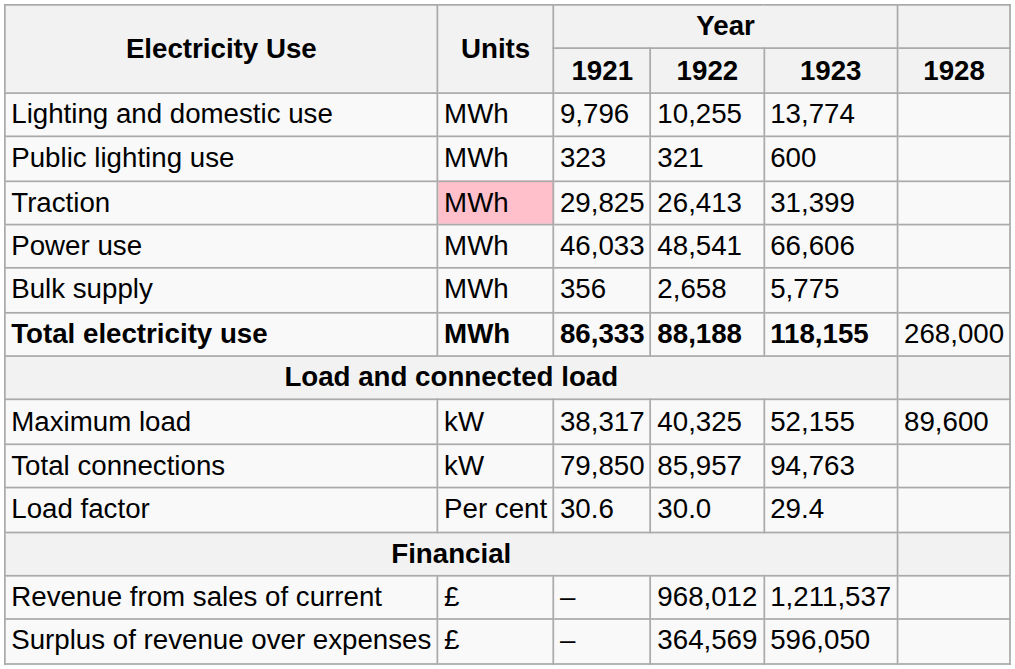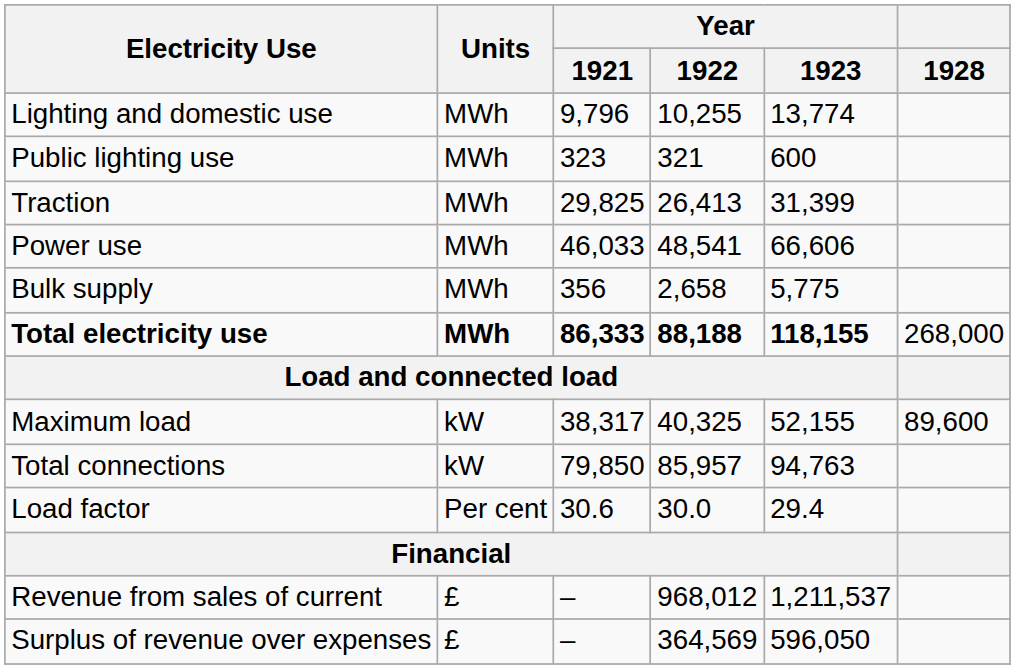 <table class="wikitable">
 <tr>
 <th rowspan="2">Electricity  Use</th>
 <th rowspan="2">Units</th>
 <th colspan="3">Year</th>
 <th></th>
 </tr>
 <tr>
 <th>1921</th>
 <th>1922</th>
 <th>1923</th>
 <th>1928</th>
 </tr>
 <tr>
 <td>Lighting  and domestic use</td>
 <td>MWh</td>
 <td>9,796</td>
 <td>10,255</td>
 <td>13,774</td>
 <td></td>
 </tr>
 <tr>
 <td>Public  lighting use</td>
 <td>MWh</td>
 <td>323</td>
 <td>321</td>
 <td>600</td>
 <td></td>
 </tr>
 <tr>
 <td>Traction</td>
-<td style="background: pink;">MWh</td>
+<td>MWh</td>
 <td>29,825</td>
 <td>26,413</td>
 <td>31,399</td>
 <td></td>
 </tr>
 <tr>
 <td>Power  use</td>
 <td>MWh</td>
 <td>46,033</td>
 <td>48,541</td>
 <td>66,606</td>
 <td></td>
 </tr>
 <tr>
 <td>Bulk  supply</td>
 <td>MWh</td>
 <td>356</td>
 <td>2,658</td>
 <td>5,775</td>
 <td></td>
 </tr>
 <tr>
 <td><strong>Total electricity use</strong></td>
 <td><strong>MWh</strong></td>
 <td><strong>86,333</strong></td>
 <td><strong>88,188</strong></td>
 <td><strong>118,155</strong></td>
 <td>268,000</td>
 </tr>
 <tr>
 <th colspan="5">Load  and connected load</th>
 <th></th>
 </tr>
 <tr>
 <td>Maximum  load</td>
 <td>kW</td>
 <td>38,317</td>
 <td>40,325</td>
 <td>52,155</td>
 <td>89,600</td>
 </tr>
 <tr>
 <td>Total  connections</td>
 <td>kW</td>
 <td>79,850</td>
 <td>85,957</td>
 <td>94,763</td>
 <td></td>
 </tr>
 <tr>
 <td>Load  factor</td>
 <td>Per  cent</td>
 <td>30.6</td>
 <td>30.0</td>
 <td>29.4</td>
 <td></td>
 </tr>
 <tr>
 <th colspan="5">Financial</th>
 <th></th>
 </tr>
 <tr>
 <td>Revenue  from sales of current</td>
 <td>£</td>
 <td>–</td>
 <td>968,012</td>
 <td>1,211,537</td>
 <td></td>
 </tr>
 <tr>
 <td>Surplus  of revenue over expenses</td>
 <td>£</td>
 <td>–</td>
 <td>364,569</td>
 <td>596,050</td>
 <td></td>
 </tr>
 </table>
